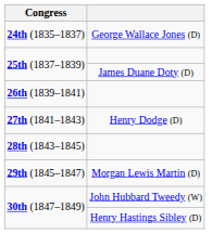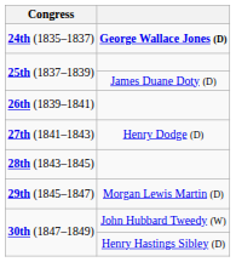 <table class=wikitable style="text-align:center">
 <tr>
 <th>Congress</th>
 <th></th>
 </tr>
 <tr style="height:2.5em">
 <td><strong><a href='#'>24th</a></strong> (1835–1837)</td>
-<td><a href='#'>George Wallace Jones</a> <small>(D)</small></td>
+<td><strong><a href='#'>George Wallace Jones</a> <small>(D)</small></strong></td>
 </tr>
 <tr style="height:1.5em">
 <td rowspan=2><strong><a href='#'>25th</a></strong> (1837–1839)</td>
 </tr>
 <tr style="height:1.5em">
 <td><a href='#'>James Duane Doty</a> <small>(D)</small></td>
 </tr>
 <tr style="height:2.5em">
 <td><strong><a href='#'>26th</a></strong> (1839–1841)</td>
 </tr>
 <tr style="height:2.5em">
 <td><strong><a href='#'>27th</a></strong> (1841–1843)</td>
 <td><a href='#'>Henry Dodge</a> <small>(D)</small></td>
 </tr>
 <tr style="height:2.5em">
 <td><strong><a href='#'>28th</a></strong> (1843–1845)</td>
 </tr>
 <tr style="height:2.5em">
 <td><strong><a href='#'>29th</a></strong> (1845–1847)</td>
 <td><a href='#'>Morgan Lewis Martin</a> <small>(D)</small></td>
 </tr>
 <tr style="height:2em">
 <td rowspan=2><strong><a href='#'>30th</a></strong> (1847–1849)</td>
 <td><a href='#'>John Hubbard Tweedy</a> <small>(W)</small></td>
 </tr>
 <tr style="height:2em">
 <td><a href='#'>Henry Hastings Sibley</a> <small>(D)</small></td>
 </tr>
 </table>
